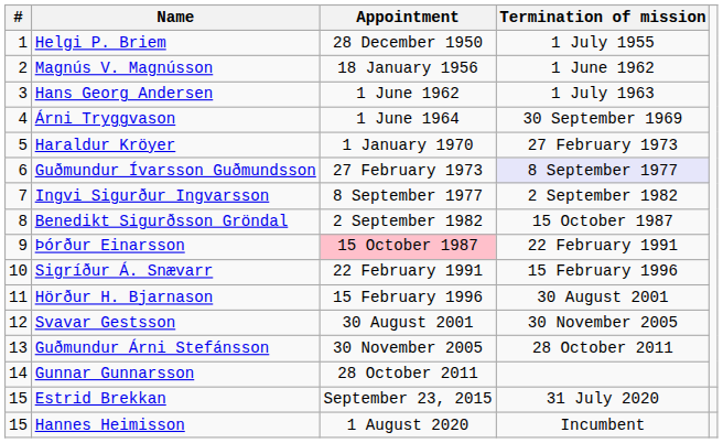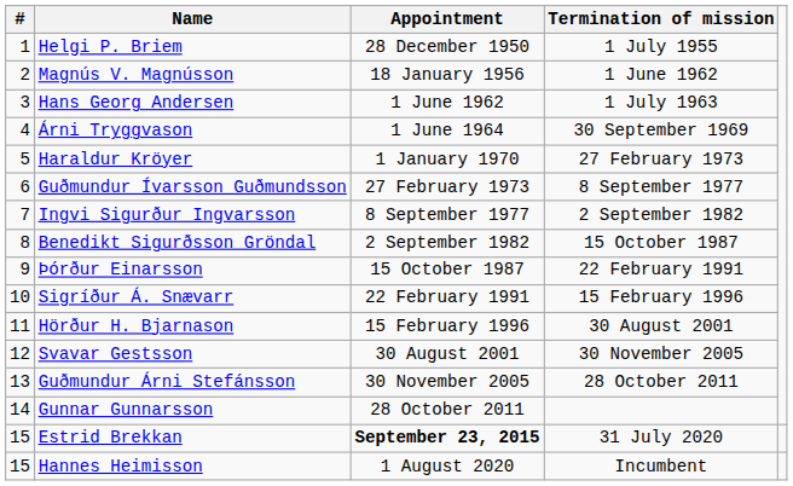 <table class="wikitable">
 <tr>
 <th>#</th>
 <th>Name</th>
 <th>Appointment</th>
 <th>Termination of mission</th>
 </tr>
 <tr>
 <td style="text-align: right;">1</td>
 <td><a href='#'>Helgi P. Briem</a></td>
 <td style="text-align: center;">28 December 1950</td>
 <td style="text-align: center;">1 July 1955</td>
 </tr>
 <tr>
 <td style="text-align: right;">2</td>
 <td><a href='#'>Magnús V. Magnússon</a></td>
 <td style="text-align: center;">18 January 1956</td>
 <td style="text-align: center;">1 June 1962</td>
 </tr>
 <tr>
 <td style="text-align: right;">3</td>
 <td><a href='#'>Hans Georg Andersen</a></td>
 <td style="text-align: center;">1 June 1962</td>
 <td style="text-align: center;">1 July 1963</td>
 </tr>
 <tr>
 <td style="text-align: right;">4</td>
 <td><a href='#'>Árni Tryggvason</a></td>
 <td style="text-align: center;">1 June 1964</td>
 <td style="text-align: center;">30 September 1969</td>
 </tr>
 <tr>
 <td style="text-align: right;">5</td>
 <td><a href='#'>Haraldur Kröyer</a></td>
 <td style="text-align: center;">1 January 1970</td>
 <td style="text-align: center;">27 February 1973</td>
 </tr>
 <tr>
 <td style="text-align: right;">6</td>
 <td><a href='#'>Guðmundur Ívarsson Guðmundsson</a></td>
 <td style="text-align: center;">27 February 1973</td>
-<td style="background: lavender; text-align: center;">8 September 1977</td>
+<td style="text-align: center;">8 September 1977</td>
 </tr>
 <tr>
 <td style="text-align: right;">7</td>
 <td><a href='#'>Ingvi Sigurður Ingvarsson</a></td>
 <td style="text-align: center;">8 September 1977</td>
 <td style="text-align: center;">2 September 1982</td>
 </tr>
 <tr>
 <td style="text-align: right;">8</td>
 <td><a href='#'>Benedikt Sigurðsson Gröndal</a></td>
 <td style="text-align: center;">2 September 1982</td>
 <td style="text-align: center;">15 October 1987</td>
 </tr>
 <tr>
 <td style="text-align: right;">9</td>
 <td><a href='#'>Þórður Einarsson</a></td>
-<td style="background: pink; text-align: center;">15 October 1987</td>
+<td style="text-align: center;">15 October 1987</td>
 <td style="text-align: center;">22 February 1991</td>
 </tr>
 <tr>
 <td style="text-align: right;">10</td>
 <td><a href='#'>Sigríður Á. Snævarr</a></td>
 <td style="text-align: center;">22 February 1991</td>
 <td style="text-align: center;">15 February 1996</td>
 </tr>
 <tr>
 <td style="text-align: right;">11</td>
 <td><a href='#'>Hörður H. Bjarnason</a></td>
 <td style="text-align: center;">15 February 1996</td>
 <td style="text-align: center;">30 August 2001</td>
 </tr>
 <tr>
 <td style="text-align: right;">12</td>
 <td><a href='#'>Svavar Gestsson</a></td>
 <td style="text-align: center;">30 August 2001</td>
 <td style="text-align: center;">30 November 2005</td>
 </tr>
 <tr>
 <td style="text-align: right;">13</td>
 <td><a href='#'>Guðmundur Árni Stefánsson</a></td>
 <td style="text-align: center;">30 November 2005</td>
 <td style="text-align: center;">28 October 2011</td>
 </tr>
 <tr>
 <td style="text-align: right;">14</td>
 <td><a href='#'>Gunnar Gunnarsson</a></td>
 <td style="text-align: center;">28 October 2011</td>
 <td style="text-align: center;"></td>
 </tr>
 <tr>
 <td style="text-align: right;">15</td>
 <td><a href='#'>Estrid Brekkan</a></td>
-<td style="text-align: center;">September 23, 2015</td>
+<td style="text-align: center;"><strong>September 23, 2015</strong></td>
 <td style="text-align: center;">31 July 2020</td>
 <td style="text-align: center;"></td>
 </tr>
 <tr>
 <td style="text-align: right;">15</td>
 <td><a href='#'>Hannes Heimisson</a></td>
 <td style="text-align: center;">1 August 2020</td>
 <td style="text-align: center;">Incumbent</td>
 </tr>
 </table>
